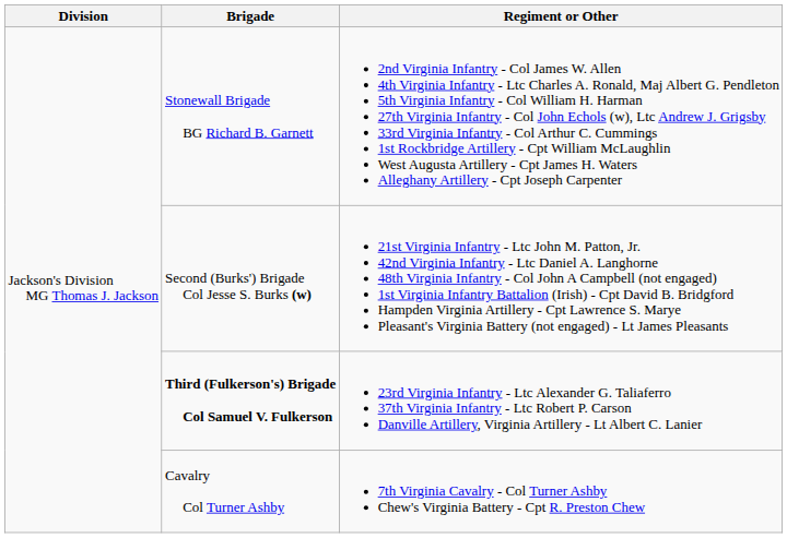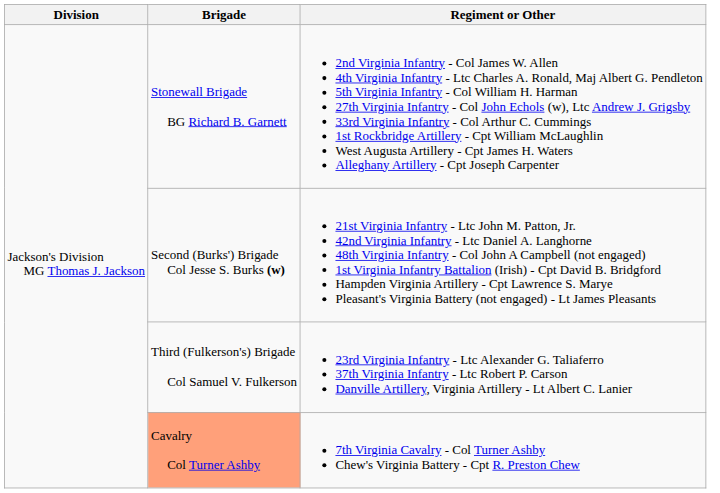 <table class="wikitable">
 <tr>
 <th>Division</th>
 <th>Brigade</th>
 <th>Regiment or Other</th>
 </tr>
 <tr>
 <td rowspan=4><br>Jackson's Division <br>     MG <a href='#'>Thomas J. Jackson</a></td>
 <td><a href='#'>Stonewall Brigade</a><br><br>     BG <a href='#'>Richard B. Garnett</a></td>
 <td><br><ul><li><a href='#'>2nd Virginia Infantry</a> - Col James W. Allen</li><li><a href='#'>4th Virginia Infantry</a> - Ltc Charles A. Ronald, Maj Albert G. Pendleton</li><li><a href='#'>5th Virginia Infantry</a> - Col William H. Harman</li><li><a href='#'>27th Virginia Infantry</a> - Col <a href='#'>John Echols</a> (w), Ltc <a href='#'>Andrew J. Grigsby</a></li><li><a href='#'>33rd Virginia Infantry</a> - Col Arthur C. Cummings</li><li><a href='#'>1st Rockbridge Artillery</a> - Cpt William McLaughlin</li><li>West Augusta Artillery - Cpt James H. Waters</li><li><a href='#'>Alleghany Artillery</a> - Cpt Joseph Carpenter</li></ul></td>
 </tr>
 <tr>
 <td><br>Second (Burks') Brigade <br>     Col Jesse S. Burks <strong>(w)</strong></td>
 <td><br><ul><li><a href='#'>21st Virginia Infantry</a> - Ltc John M. Patton, Jr.</li><li><a href='#'>42nd Virginia Infantry</a> - Ltc Daniel A. Langhorne</li><li><a href='#'>48th Virginia Infantry</a> - Col John A Campbell (not engaged)</li><li><a href='#'>1st Virginia Infantry Battalion</a> (Irish) - Cpt David B. Bridgford</li><li>Hampden Virginia Artillery - Cpt Lawrence S. Marye</li><li>Pleasant's Virginia Battery (not engaged) - Lt James Pleasants</li></ul></td>
 </tr>
 <tr>
-<td><strong>Third (Fulkerson's) Brigade<br><br>     Col Samuel V. Fulkerson</strong></td>
+<td>Third (Fulkerson's) Brigade<br><br>     Col Samuel V. Fulkerson</td>
 <td><br><ul><li><a href='#'>23rd Virginia Infantry</a> - Ltc Alexander G. Taliaferro</li><li><a href='#'>37th Virginia Infantry</a> - Ltc Robert P. Carson</li><li><a href='#'>Danville Artillery</a>, Virginia Artillery - Lt Albert C. Lanier</li></ul></td>
 </tr>
 <tr>
-<td>Cavalry<br><br>     Col <a href='#'>Turner Ashby</a></td>
+<td style="background: lightsalmon;">Cavalry<br><br>     Col <a href='#'>Turner Ashby</a></td>
 <td><br><ul><li><a href='#'>7th Virginia Cavalry</a> - Col <a href='#'>Turner Ashby</a></li><li>Chew's Virginia Battery - Cpt <a href='#'>R. Preston Chew</a></li></ul></td>
 </tr>
 </table>
